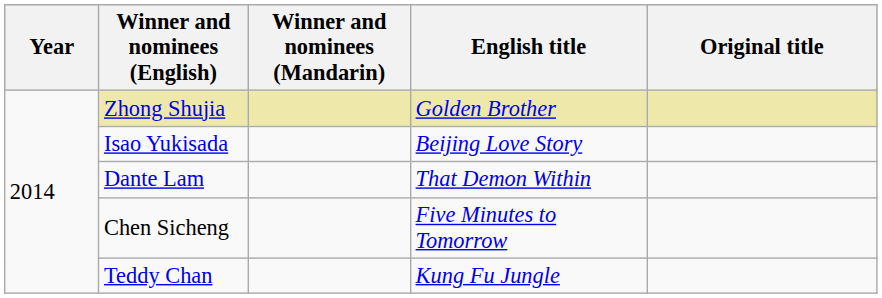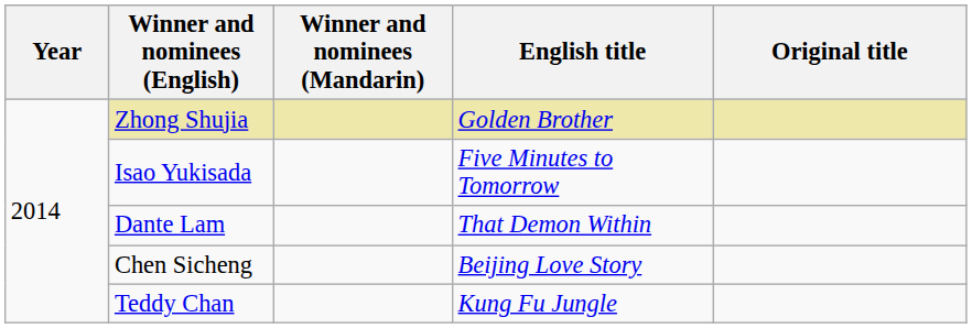 <table class="wikitable" style="width:100%;">
 <tr style="background:#bebebe">
 <th width="100"><strong>Year</strong></th>
 <th width="150"><strong>Winner and nominees<br>(English)</strong></th>
 <th width="150"><strong>Winner and nominees<br>(Mandarin)</strong></th>
 <th width="300"><strong>English title</strong></th>
 <th width="300"><strong>Original title</strong></th>
 </tr>
 <tr>
 <td rowspan="5">2014</td>
 <td style="background:#EEE8AA;"><a href='#'>Zhong Shujia</a></td>
 <td style="background:#EEE8AA;"></td>
 <td style="background:#EEE8AA;"><em><a href='#'>Golden Brother</a></em></td>
 <td style="background:#EEE8AA;"></td>
 </tr>
 <tr>
 <td><a href='#'>Isao Yukisada</a></td>
 <td></td>
-<td><em><a href='#'>Beijing Love Story</a></em></td>
+<td><em><a href='#'>Five Minutes to Tomorrow</a></em></td>
 <td></td>
 </tr>
 <tr>
 <td><a href='#'>Dante Lam</a></td>
 <td></td>
 <td><em><a href='#'>That Demon Within</a></em></td>
 <td></td>
 </tr>
 <tr>
 <td>Chen Sicheng</td>
 <td></td>
-<td><em><a href='#'>Five Minutes to Tomorrow</a></em></td>
+<td><em><a href='#'>Beijing Love Story</a></em></td>
 <td></td>
 </tr>
 <tr>
 <td><a href='#'>Teddy Chan</a></td>
 <td></td>
 <td><em><a href='#'>Kung Fu Jungle</a></em></td>
 <td></td>
 </tr>
 </table>
